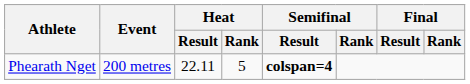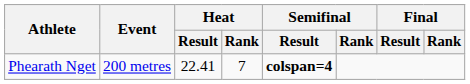 <table class="wikitable" style="font-size:90%">
 <tr>
 <th rowspan="2">Athlete</th>
 <th rowspan="2">Event</th>
 <th colspan="2">Heat</th>
 <th colspan="2">Semifinal</th>
 <th colspan="2">Final</th>
 </tr>
 <tr style="font-size:95%">
 <th>Result</th>
 <th>Rank</th>
 <th>Result</th>
 <th>Rank</th>
 <th>Result</th>
 <th>Rank</th>
 </tr>
 <tr style=text-align:center>
 <td style=text-align:left><a href='#'>Phearath Nget</a></td>
 <td style=text-align:left><a href='#'>200 metres</a></td>
-<td>22.11</td>
-<td>5</td>
+<td>22.41</td>
+<td>7</td>
 <td><strong>colspan=4 </strong></td>
 </tr>
 </table>
